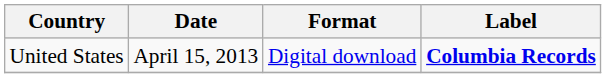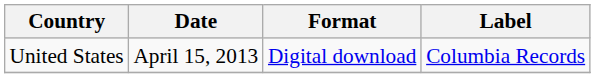 <table class="wikitable plainrowheaders">
 <tr>
 <th scope="col">Country</th>
 <th scope="col">Date</th>
 <th scope="col">Format</th>
 <th scope="col">Label</th>
 </tr>
 <tr>
 <td>United States</td>
 <td>April 15, 2013</td>
 <td><a href='#'>Digital download</a></td>
-<td><strong><a href='#'>Columbia Records</a></strong></td>
+<td><a href='#'>Columbia Records</a></td>
 </tr>
 <tr>
 </tr>
 </table>
